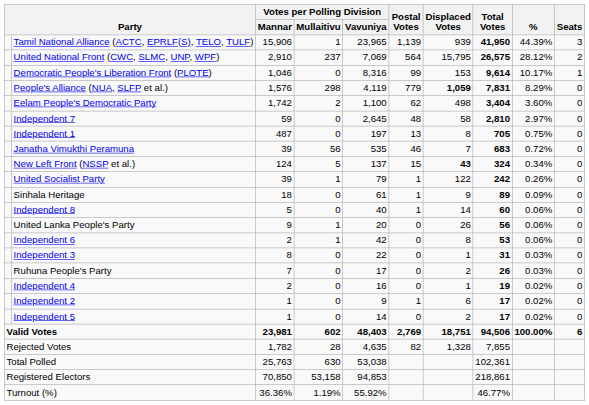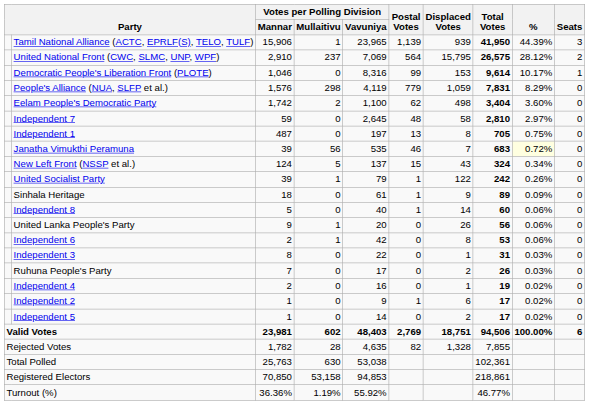 <table class="wikitable" border="1" style="text-align:right;">
 <tr>
 <th align=left valign=bottom rowspan=2 colspan=2>Party</th>
 <th colspan=3>Votes per Polling Division</th>
 <th align=center valign=bottom rowspan=2 width="50">Postal<br>Votes</th>
 <th align=center valign=bottom rowspan=2 width="50">Displaced<br>Votes</th>
 <th align=center valign=bottom rowspan=2 width="50">Total Votes</th>
 <th align=center valign=bottom rowspan=2 width="50">%</th>
 <th align=center valign=bottom rowspan=2 width="40">Seats</th>
 </tr>
 <tr>
 <th align=center valign=bottom width="50">Mannar</th>
 <th align=center valign=bottom width="50">Mullaitivu</th>
 <th align=center valign=bottom width="50">Vavuniya</th>
 </tr>
 <tr>
 <td bgcolor=> </td>
 <td align=left><a href='#'>Tamil National Alliance</a> (<a href='#'>ACTC</a>, <a href='#'>EPRLF(S)</a>, <a href='#'>TELO</a>, <a href='#'>TULF</a>)</td>
 <td>15,906</td>
 <td>1</td>
 <td>23,965</td>
 <td>1,139</td>
 <td>939</td>
 <td><strong>41,950</strong></td>
 <td>44.39%</td>
 <td>3</td>
 </tr>
 <tr>
 <td bgcolor=> </td>
 <td align=left><a href='#'>United National Front</a> (<a href='#'>CWC</a>, <a href='#'>SLMC</a>, <a href='#'>UNP</a>, <a href='#'>WPF</a>)</td>
 <td>2,910</td>
 <td>237</td>
 <td>7,069</td>
 <td>564</td>
 <td>15,795</td>
 <td><strong>26,575</strong></td>
 <td>28.12%</td>
 <td>2</td>
 </tr>
 <tr>
 <td bgcolor=> </td>
 <td align=left><a href='#'>Democratic People's Liberation Front</a> (<a href='#'>PLOTE</a>)</td>
 <td>1,046</td>
 <td>0</td>
 <td>8,316</td>
 <td>99</td>
 <td>153</td>
 <td><strong>9,614</strong></td>
 <td>10.17%</td>
 <td>1</td>
 </tr>
 <tr>
 <td bgcolor=> </td>
 <td align=left><a href='#'>People's Alliance</a> (<a href='#'>NUA</a>, <a href='#'>SLFP</a> et al.)</td>
 <td>1,576</td>
 <td>298</td>
 <td>4,119</td>
 <td>779</td>
-<td><strong>1,059</strong></td>
+<td>1,059</td>
 <td><strong>7,831</strong></td>
 <td>8.29%</td>
 <td>0</td>
 </tr>
 <tr>
 <td bgcolor=> </td>
 <td align=left><a href='#'>Eelam People's Democratic Party</a></td>
 <td>1,742</td>
 <td>2</td>
 <td>1,100</td>
 <td>62</td>
 <td>498</td>
 <td><strong>3,404</strong></td>
 <td>3.60%</td>
 <td>0</td>
 </tr>
 <tr>
 <td bgcolor=> </td>
 <td align=left><a href='#'>Independent 7</a></td>
 <td>59</td>
 <td>0</td>
 <td>2,645</td>
 <td>48</td>
 <td>58</td>
 <td><strong>2,810</strong></td>
 <td>2.97%</td>
 <td>0</td>
 </tr>
 <tr>
 <td bgcolor=> </td>
 <td align=left><a href='#'>Independent 1</a></td>
 <td>487</td>
 <td>0</td>
 <td>197</td>
 <td>13</td>
 <td>8</td>
 <td><strong>705</strong></td>
 <td>0.75%</td>
 <td>0</td>
 </tr>
 <tr>
 <td bgcolor=> </td>
 <td align=left><a href='#'>Janatha Vimukthi Peramuna</a></td>
 <td>39</td>
 <td>56</td>
 <td>535</td>
 <td>46</td>
 <td>7</td>
 <td><strong>683</strong></td>
-<td>0.72%</td>
+<td style="background: lightyellow;">0.72%</td>
 <td>0</td>
 </tr>
 <tr>
 <td bgcolor=> </td>
 <td align=left><a href='#'>New Left Front</a> (<a href='#'>NSSP</a> et al.)</td>
 <td>124</td>
 <td>5</td>
 <td>137</td>
 <td>15</td>
-<td><strong>43</strong></td>
+<td>43</td>
 <td><strong>324</strong></td>
 <td>0.34%</td>
 <td>0</td>
 </tr>
 <tr>
 <td bgcolor=> </td>
 <td align=left><a href='#'>United Socialist Party</a></td>
 <td>39</td>
 <td>1</td>
 <td>79</td>
 <td>1</td>
 <td>122</td>
 <td><strong>242</strong></td>
 <td>0.26%</td>
 <td>0</td>
 </tr>
 <tr>
 <td></td>
 <td align=left>Sinhala Heritage</td>
 <td>18</td>
 <td>0</td>
 <td>61</td>
 <td>1</td>
 <td>9</td>
 <td><strong>89</strong></td>
 <td>0.09%</td>
 <td>0</td>
 </tr>
 <tr>
 <td bgcolor=> </td>
 <td align=left><a href='#'>Independent 8</a></td>
 <td>5</td>
 <td>0</td>
 <td>40</td>
 <td>1</td>
 <td>14</td>
 <td><strong>60</strong></td>
 <td>0.06%</td>
 <td>0</td>
 </tr>
 <tr>
 <td></td>
 <td align=left>United Lanka People's Party</td>
 <td>9</td>
 <td>1</td>
 <td>20</td>
 <td>0</td>
 <td>26</td>
 <td><strong>56</strong></td>
 <td>0.06%</td>
 <td>0</td>
 </tr>
 <tr>
 <td bgcolor=> </td>
 <td align=left><a href='#'>Independent 6</a></td>
 <td>2</td>
 <td>1</td>
 <td>42</td>
 <td>0</td>
 <td>8</td>
 <td><strong>53</strong></td>
 <td>0.06%</td>
 <td>0</td>
 </tr>
 <tr>
 <td bgcolor=> </td>
 <td align=left><a href='#'>Independent 3</a></td>
 <td>8</td>
 <td>0</td>
 <td>22</td>
 <td>0</td>
 <td>1</td>
 <td><strong>31</strong></td>
 <td>0.03%</td>
 <td>0</td>
 </tr>
 <tr>
 <td></td>
 <td align=left>Ruhuna People's Party</td>
 <td>7</td>
 <td>0</td>
 <td>17</td>
 <td>0</td>
 <td>2</td>
 <td><strong>26</strong></td>
 <td>0.03%</td>
 <td>0</td>
 </tr>
 <tr>
 <td bgcolor=> </td>
 <td align=left><a href='#'>Independent 4</a></td>
 <td>2</td>
 <td>0</td>
 <td>16</td>
 <td>0</td>
 <td>1</td>
 <td><strong>19</strong></td>
 <td>0.02%</td>
 <td>0</td>
 </tr>
 <tr>
 <td bgcolor=> </td>
 <td align=left><a href='#'>Independent 2</a></td>
 <td>1</td>
 <td>0</td>
 <td>9</td>
 <td>1</td>
 <td>6</td>
 <td><strong>17</strong></td>
 <td>0.02%</td>
 <td>0</td>
 </tr>
 <tr>
 <td bgcolor=> </td>
 <td align=left><a href='#'>Independent 5</a></td>
 <td>1</td>
 <td>0</td>
 <td>14</td>
 <td>0</td>
 <td>2</td>
 <td><strong>17</strong></td>
 <td>0.02%</td>
 <td>0</td>
 </tr>
 <tr>
 <td align=left colspan=2><strong>Valid Votes</strong></td>
 <td><strong>23,981</strong></td>
 <td><strong>602</strong></td>
 <td><strong>48,403</strong></td>
 <td><strong>2,769</strong></td>
 <td><strong>18,751</strong></td>
 <td><strong>94,506</strong></td>
 <td><strong>100.00%</strong></td>
 <td><strong>6</strong></td>
 </tr>
 <tr>
 <td align=left colspan=2>Rejected Votes</td>
 <td>1,782</td>
 <td>28</td>
 <td>4,635</td>
 <td>82</td>
 <td>1,328</td>
 <td>7,855</td>
 <td></td>
 <td></td>
 </tr>
 <tr>
 <td align=left colspan=2>Total Polled</td>
 <td>25,763</td>
 <td>630</td>
 <td>53,038</td>
 <td></td>
 <td></td>
 <td>102,361</td>
 <td></td>
 <td></td>
 </tr>
 <tr>
 <td align=left colspan=2>Registered Electors</td>
 <td>70,850</td>
 <td>53,158</td>
 <td>94,853</td>
 <td></td>
 <td></td>
 <td>218,861</td>
 <td></td>
 <td></td>
 </tr>
 <tr>
 <td align=left colspan=2>Turnout (%)</td>
 <td>36.36%</td>
 <td>1.19%</td>
 <td>55.92%</td>
 <td></td>
 <td></td>
 <td>46.77%</td>
 <td></td>
 <td></td>
 </tr>
 </table>
